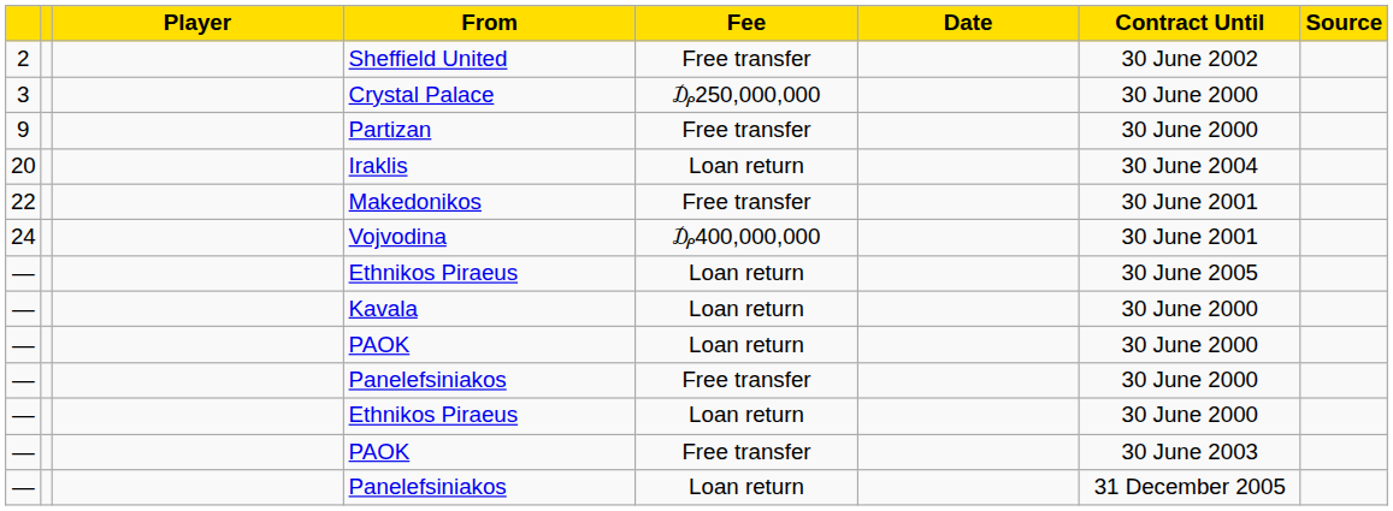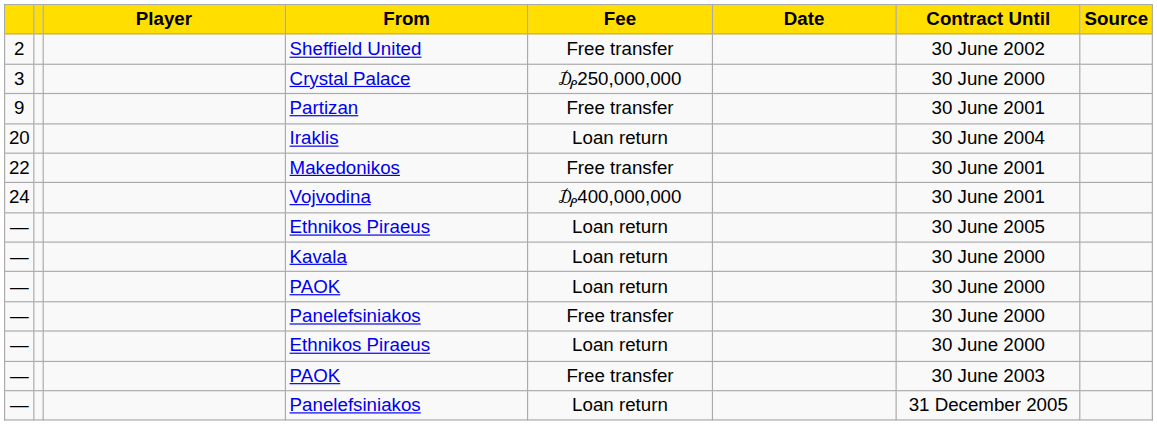 <table class="wikitable sortable">
 <tr>
 <th style="background:#FFDE00"></th>
 <th style="background:#FFDE00"></th>
 <th width=200 style="background:#FFDE00">Player</th>
 <th width=200 style="background:#FFDE00">From</th>
 <th width=150 style="background:#FFDE00">Fee</th>
 <th width=150 style="background:#FFDE00">Date</th>
 <th width=150 style="background:#FFDE00">Contract Until</th>
 <th style="background:#FFDE00">Source</th>
 </tr>
 <tr>
 <td align=center>2</td>
 <td align=center></td>
 <td></td>
 <td> <a href='#'>Sheffield United</a></td>
 <td align=center>Free transfer</td>
 <td align=center></td>
 <td align=center>30 June 2002</td>
 <td align=center></td>
 </tr>
 <tr>
 <td align=center>3</td>
 <td align=center></td>
 <td></td>
 <td> <a href='#'>Crystal Palace</a></td>
 <td align=center>₯250,000,000</td>
 <td align=center></td>
 <td align=center>30 June 2000</td>
 <td align=center></td>
 </tr>
 <tr>
 <td align=center>9</td>
 <td align=center></td>
 <td></td>
 <td> <a href='#'>Partizan</a></td>
 <td align=center>Free transfer</td>
 <td align=center></td>
-<td align=center>30 June 2000</td>
+<td align=center>30 June 2001</td>
 <td align=center></td>
 </tr>
 <tr>
 <td align=center>20</td>
 <td align=center></td>
 <td></td>
 <td> <a href='#'>Iraklis</a></td>
 <td align=center>Loan return</td>
 <td align=center></td>
 <td align=center>30 June 2004</td>
 <td align=center></td>
 </tr>
 <tr>
 <td align=center>22</td>
 <td align=center></td>
 <td></td>
 <td> <a href='#'>Makedonikos</a></td>
 <td align=center>Free transfer</td>
 <td align=center></td>
 <td align=center>30 June 2001</td>
 <td align=center></td>
 </tr>
 <tr>
 <td align=center>24</td>
 <td align=center></td>
 <td></td>
 <td> <a href='#'>Vojvodina</a></td>
 <td align=center>₯400,000,000</td>
 <td align=center></td>
 <td align=center>30 June 2001</td>
 <td align=center></td>
 </tr>
 <tr>
 <td align=center>—</td>
 <td align=center></td>
 <td></td>
 <td> <a href='#'>Ethnikos Piraeus</a></td>
 <td align=center>Loan return</td>
 <td align=center></td>
 <td align=center>30 June 2005</td>
 <td align=center></td>
 </tr>
 <tr>
 <td align=center>—</td>
 <td align=center></td>
 <td></td>
 <td> <a href='#'>Kavala</a></td>
 <td align=center>Loan return</td>
 <td align=center></td>
 <td align=center>30 June 2000</td>
 <td align=center></td>
 </tr>
 <tr>
 <td align=center>—</td>
 <td align=center></td>
 <td></td>
 <td> <a href='#'>PAOK</a></td>
 <td align=center>Loan return</td>
 <td align=center></td>
 <td align=center>30 June 2000</td>
 <td align=center></td>
 </tr>
 <tr>
 <td align=center>—</td>
 <td align=center></td>
 <td></td>
 <td> <a href='#'>Panelefsiniakos</a></td>
 <td align=center>Free transfer</td>
 <td align=center></td>
 <td align=center>30 June 2000</td>
 <td align=center></td>
 </tr>
 <tr>
 <td align=center>—</td>
 <td align=center></td>
 <td></td>
 <td> <a href='#'>Ethnikos Piraeus</a></td>
 <td align=center>Loan return</td>
 <td align=center></td>
 <td align=center>30 June 2000</td>
 <td align=center></td>
 </tr>
 <tr>
 <td align=center>—</td>
 <td align=center></td>
 <td></td>
 <td> <a href='#'>PAOK</a></td>
 <td align=center>Free transfer</td>
 <td align=center></td>
 <td align=center>30 June 2003</td>
 <td align=center></td>
 </tr>
 <tr>
 <td align=center>—</td>
 <td align=center></td>
 <td></td>
 <td> <a href='#'>Panelefsiniakos</a></td>
 <td align=center>Loan return</td>
 <td align=center></td>
 <td align=center>31 December 2005</td>
 <td align=center></td>
 </tr>
 </table>
